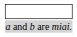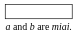 <table style="margin:1em;float: right">
 <tr>
 <td style="border: solid thin; padding: 2px"><br></td>
 </tr>
 <tr>
-<td style="background: lightgrey; text-align:center"><em>a</em> and <em>b</em> are <em>miai.</em></td>
+<td style="text-align:center"><em>a</em> and <em>b</em> are <em>miai.</em></td>
 </tr>
 </table>
